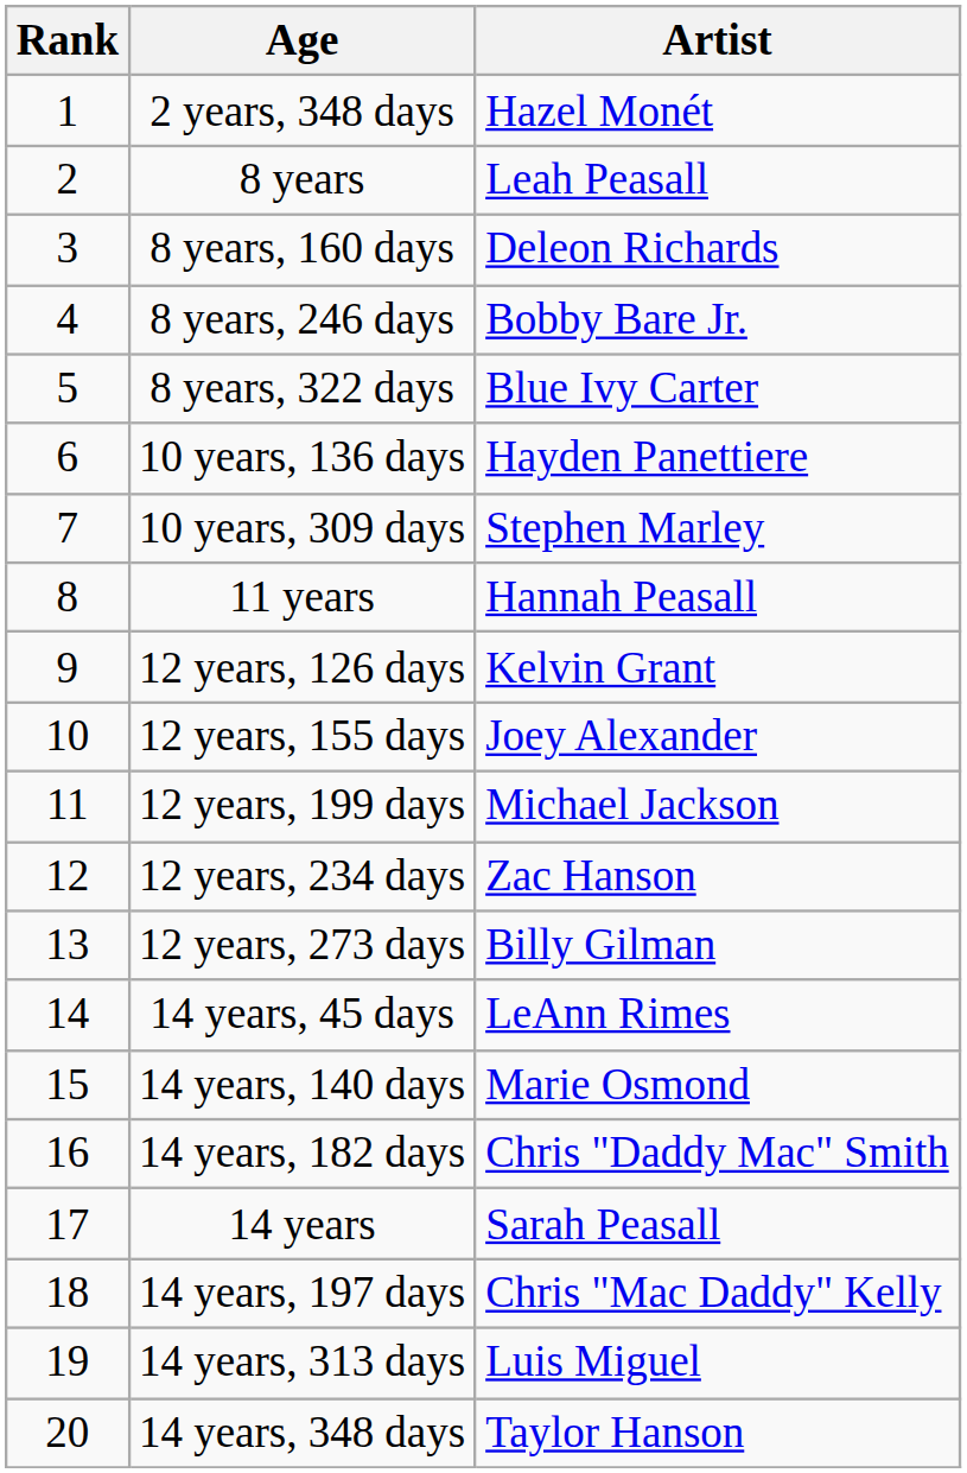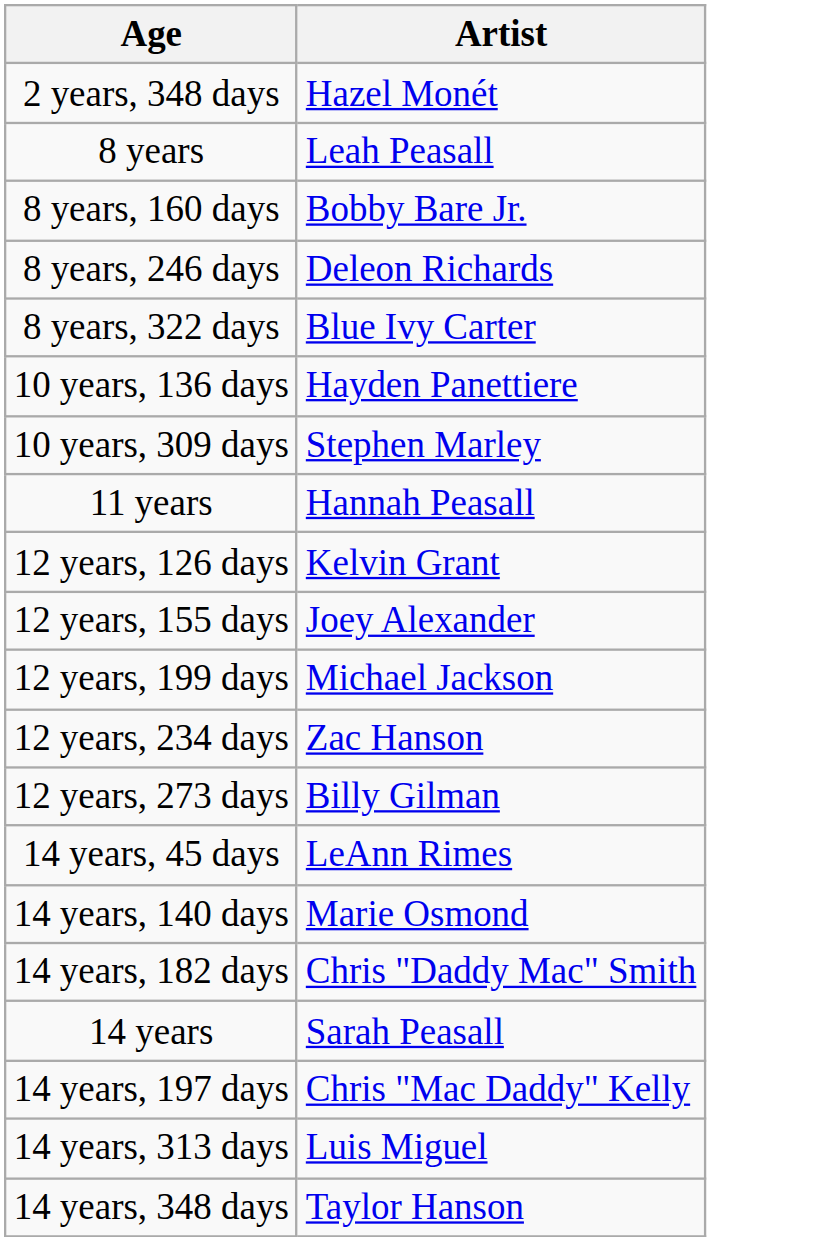 <table class="wikitable" style="text-align: center; cellpadding: 2;">
 <tr>
-<th>Rank</th>
 <th>Age</th>
 <th>Artist</th>
 </tr>
 <tr>
-<td>1</td>
 <td>2 years, 348 days</td>
 <td style="text-align: left;"><a href='#'>Hazel Monét</a></td>
 </tr>
 <tr>
-<td>2</td>
 <td>8 years</td>
 <td style="text-align: left;"><a href='#'>Leah Peasall</a></td>
 </tr>
 <tr>
-<td>3</td>
 <td>8 years, 160 days</td>
+<td style="text-align: left;"><a href='#'>Bobby Bare Jr.</a></td>
+</tr>
+<tr>
+<td>8 years, 246 days</td>
 <td style="text-align: left;"><a href='#'>Deleon Richards</a></td>
 </tr>
 <tr>
-<td>4</td>
-<td>8 years, 246 days</td>
-<td style="text-align: left;"><a href='#'>Bobby Bare Jr.</a></td>
-</tr>
-<tr>
-<td>5</td>
 <td>8 years, 322 days</td>
 <td style="text-align: left;"><a href='#'>Blue Ivy Carter</a></td>
 </tr>
 <tr>
-<td>6</td>
 <td>10 years, 136 days</td>
 <td style="text-align: left;"><a href='#'>Hayden Panettiere</a></td>
 </tr>
 <tr>
-<td>7</td>
 <td>10 years, 309 days</td>
 <td style="text-align: left;"><a href='#'>Stephen Marley</a></td>
 </tr>
 <tr>
-<td>8</td>
 <td>11 years</td>
 <td style="text-align: left;"><a href='#'>Hannah Peasall</a></td>
 </tr>
 <tr>
-<td>9</td>
 <td>12 years, 126 days</td>
 <td style="text-align: left;"><a href='#'>Kelvin Grant</a></td>
 </tr>
 <tr>
-<td>10</td>
 <td>12 years, 155 days</td>
 <td style="text-align: left;"><a href='#'>Joey Alexander</a></td>
 </tr>
 <tr>
-<td>11</td>
 <td>12 years, 199 days</td>
 <td style="text-align: left;"><a href='#'>Michael Jackson</a></td>
 </tr>
 <tr>
-<td>12</td>
 <td>12 years, 234 days</td>
 <td style="text-align: left;"><a href='#'>Zac Hanson</a></td>
 </tr>
 <tr>
-<td>13</td>
 <td>12 years, 273 days</td>
 <td style="text-align: left;"><a href='#'>Billy Gilman</a></td>
 </tr>
 <tr>
-<td>14</td>
 <td>14 years, 45 days</td>
 <td style="text-align: left;"><a href='#'>LeAnn Rimes</a></td>
 </tr>
 <tr>
-<td>15</td>
 <td>14 years, 140 days</td>
 <td style="text-align: left;"><a href='#'>Marie Osmond</a></td>
 </tr>
 <tr>
-<td>16</td>
 <td>14 years, 182 days</td>
 <td style="text-align: left;"><a href='#'>Chris "Daddy Mac" Smith</a></td>
 </tr>
 <tr>
-<td>17</td>
 <td>14 years</td>
 <td style="text-align: left;"><a href='#'>Sarah Peasall</a></td>
 </tr>
 <tr>
-<td>18</td>
 <td>14 years, 197 days</td>
 <td style="text-align: left;"><a href='#'>Chris "Mac Daddy" Kelly</a></td>
 </tr>
 <tr>
-<td>19</td>
 <td>14 years, 313 days</td>
 <td style="text-align: left;"><a href='#'>Luis Miguel</a></td>
 </tr>
 <tr>
-<td>20</td>
 <td>14 years, 348 days</td>
 <td style="text-align: left;"><a href='#'>Taylor Hanson</a></td>
 </tr>
 </table>
